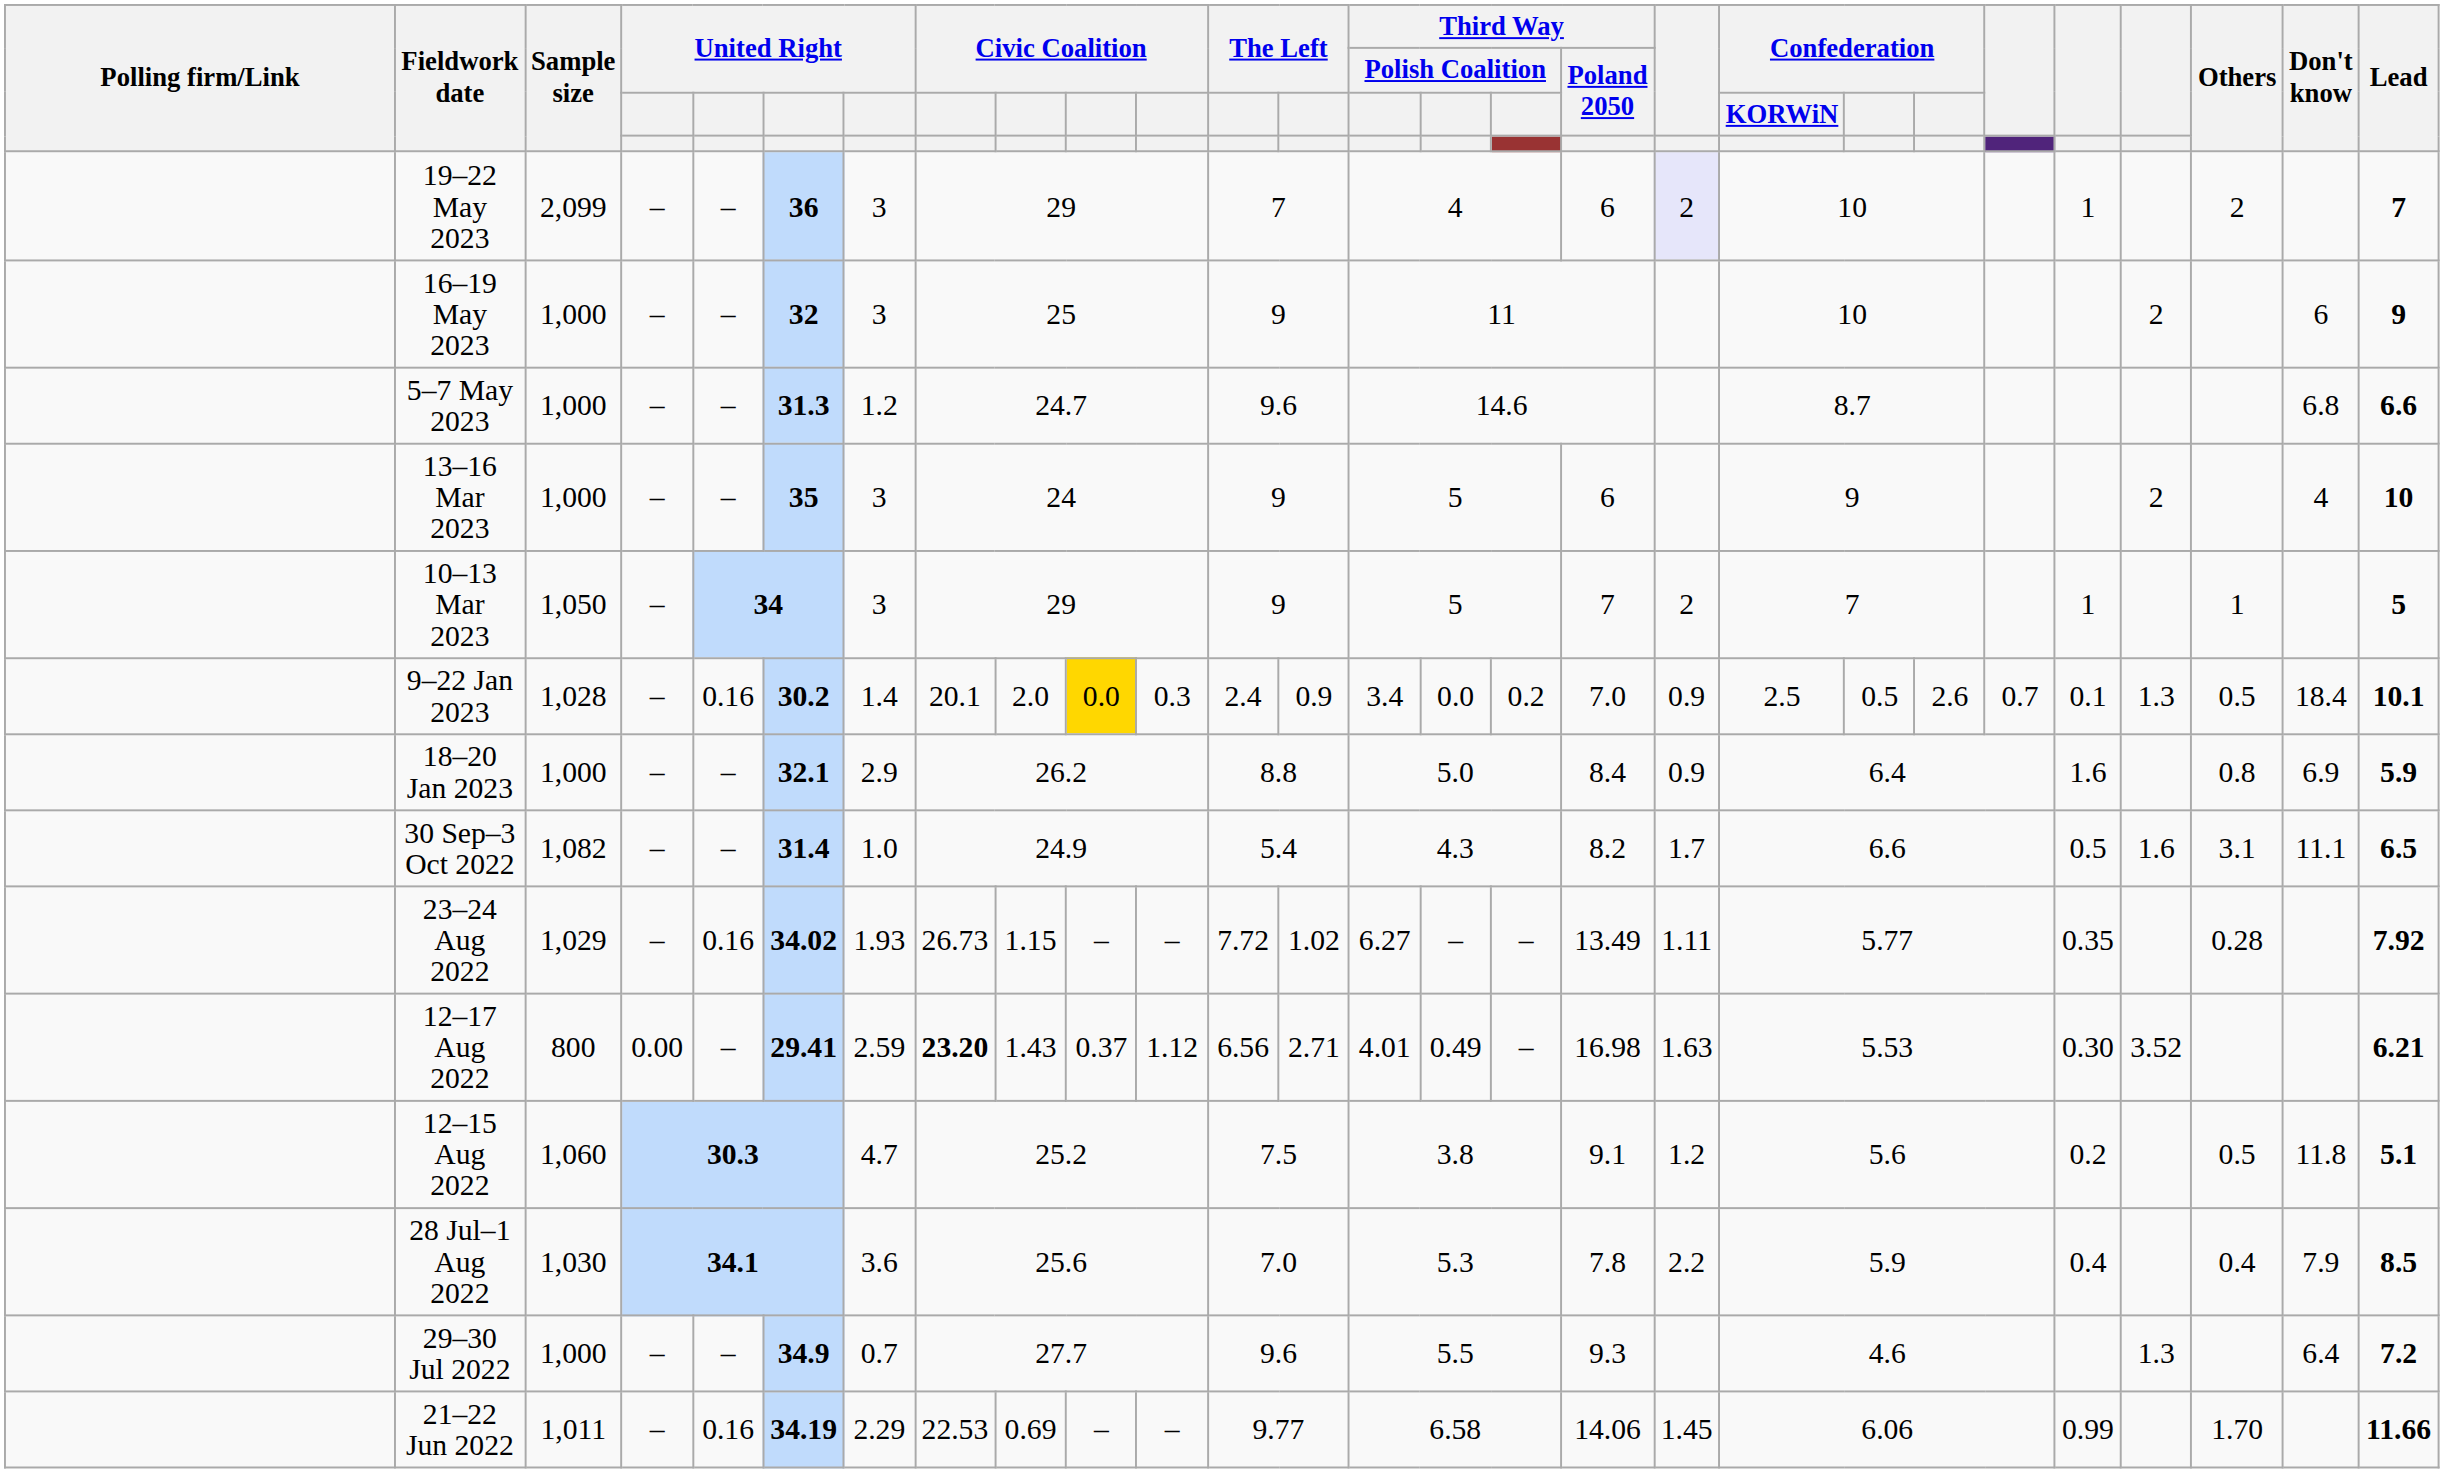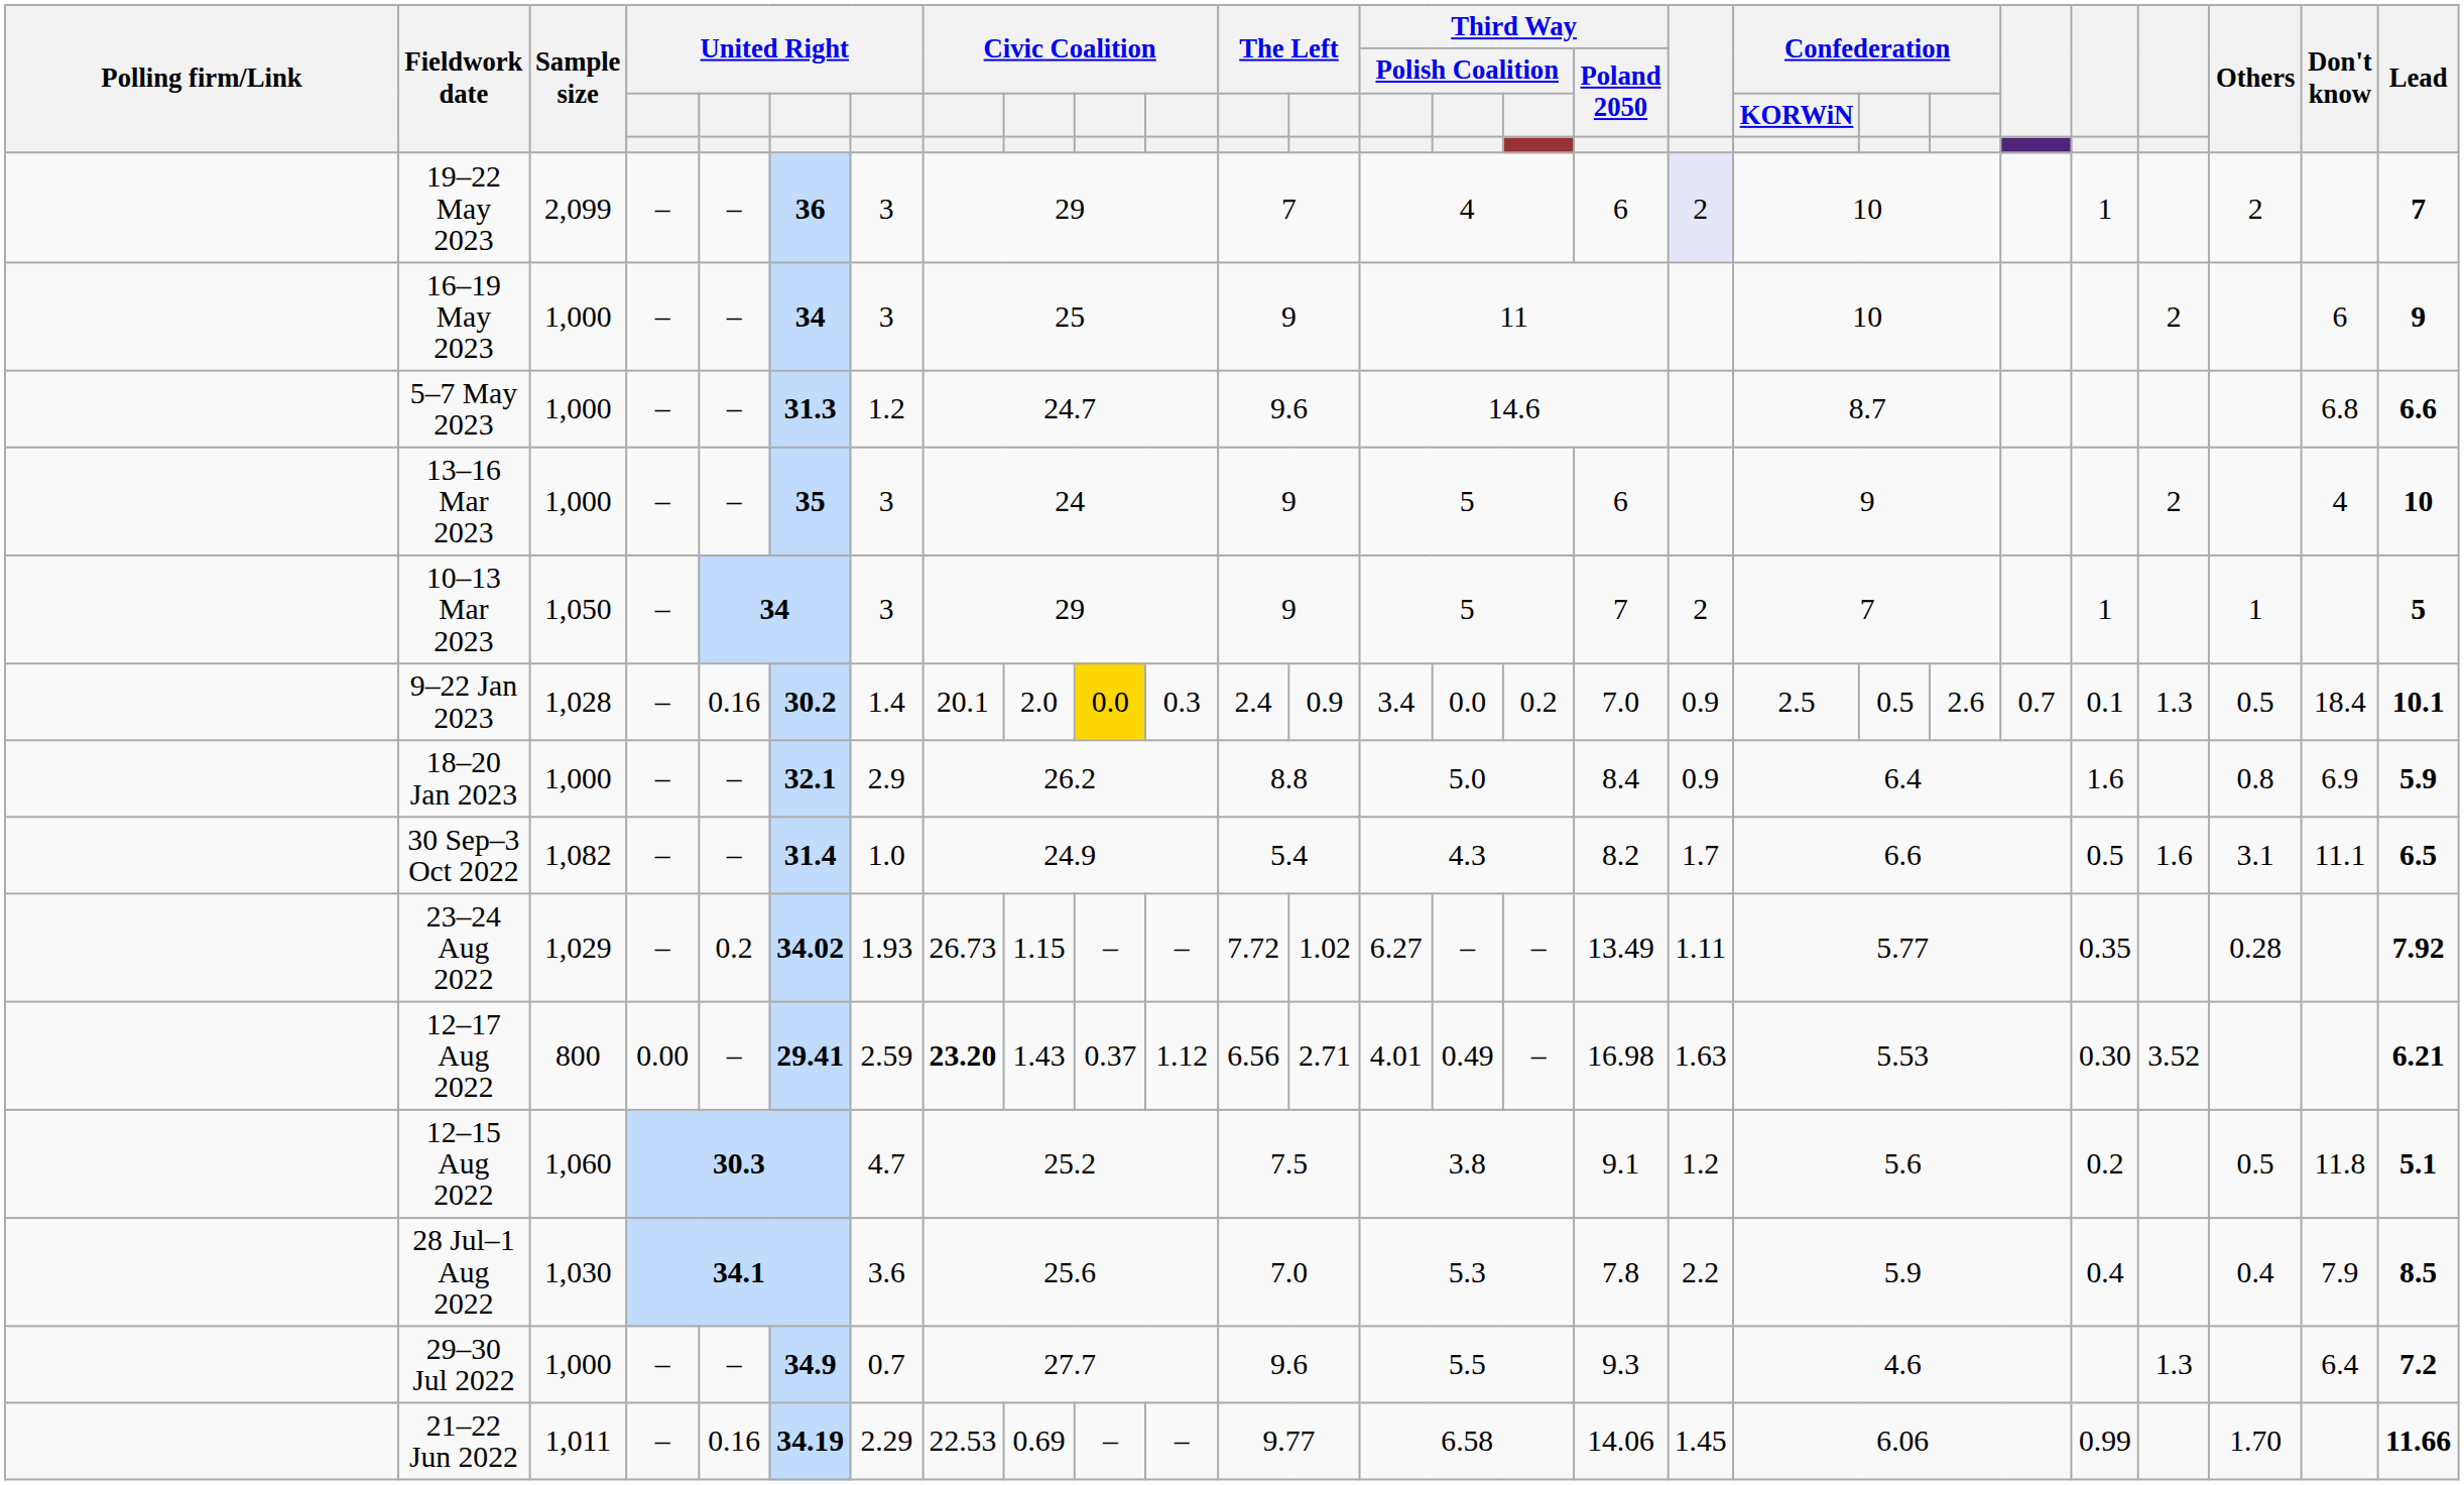 <table class="wikitable sortable collapsible" style="text-align:center; font-size:95%; line-height:16px">
 <tr style="font-weight:bold;font-size:90%;">
 <th rowspan="4" style="width:200px;">Polling firm/Link</th>
 <th rowspan="4" data-sort-type="date">Fieldwork<br>date</th>
 <th rowspan="4" style="width:20px;">Sample<br>size</th>
 <th rowspan="2" colspan="4"><a href='#'>United Right</a></th>
 <th rowspan="2" colspan="4"><a href='#'>Civic Coalition</a></th>
 <th rowspan="2" colspan="2"><a href='#'>The Left</a></th>
 <th colspan="4"><a href='#'>Third Way</a></th>
 <th rowspan="3"><a href='#'></a></th>
 <th rowspan="2" colspan="3" class="unsortable"><a href='#'>Confederation</a></th>
 <th rowspan="3" class="unsortable" style="width:30px;"><a href='#'></a></th>
 <th rowspan="3"><a href='#'></a></th>
 <th rowspan="3" class="unsortable" style="width:30px;"><a href='#'></a></th>
 <th rowspan="4" class="unsortable" data-sort-type="number" style="width:30px;">Others</th>
 <th rowspan="4" class="unsortable" data-sort-type="number" style="width:30px;">Don't know</th>
 <th rowspan="4" class="unsortable" data-sort-type="number" style="width:30px;">Lead</th>
 </tr>
 <tr style="font-size:90%;">
 <th colspan="3"><a href='#'>Polish Coalition</a></th>
 <th rowspan="2" class="unsortable" style="width:30px;"><a href='#'>Poland 2050</a></th>
 </tr>
 <tr style="font-size:90%;">
 <th style="width:30px;" class="unsortable"><a href='#'></a></th>
 <th style="width:30px;" class="unsortable"><a href='#'></a></th>
 <th style="width:30px;" class="unsortable"><a href='#'></a></th>
 <th style="width:30px;" class="unsortable"><a href='#'></a></th>
 <th style="width:30px;" class="unsortable"><a href='#'></a></th>
 <th style="width:30px;" class="unsortable"><a href='#'></a></th>
 <th style="width:30px;" class="unsortable"><a href='#'></a></th>
 <th style="width:30px;" class="unsortable"><a href='#'></a></th>
 <th style="width:30px;" class="unsortable"><a href='#'></a></th>
 <th style="width:30px;" class="unsortable"><a href='#'></a></th>
 <th style="width:30px;" class="unsortable"><a href='#'></a></th>
 <th style="width:30px;" class="unsortable"><a href='#'></a></th>
 <th style="width:30px;" class="unsortable"><a href='#'></a></th>
 <th style="width:30px;" class="unsortable"><a href='#'>KORWiN</a></th>
 <th style="width:30px;" class="unsortable"><a href='#'></a></th>
 <th style="width:30px;" class="unsortable"><a href='#'></a></th>
 </tr>
 <tr>
 <th class="unsortable" data-sort-type="number" style="height:1px; background:"></th>
 <th class="unsortable" data-sort-type="number" style="height:1px; background:"></th>
 <th class="unsortable" data-sort-type="number" style="height:1px; background:"></th>
 <th class="unsortable" data-sort-type="number" style="height:1px; background:"></th>
 <th class="unsortable" data-sort-type="number" style="height:1px; background:"></th>
 <th class="unsortable" data-sort-type="number" style="height:1px; background:"></th>
 <th class="unsortable" data-sort-type="number" style="height:1px; background:"></th>
 <th class="unsortable" data-sort-type="number" style="height:1px; background:"></th>
 <th class="unsortable" data-sort-type="number" style="height:1px; background:"></th>
 <th class="unsortable" data-sort-type="number" style="height:1px; background:"></th>
 <th class="unsortable" data-sort-type="number" style="height:1px; background:"></th>
 <th class="unsortable" data-sort-type="number" style="height:1px; background:"></th>
 <th class="unsortable" data-sort-type="number" style="height:1px; background:#993333;"></th>
 <th class="unsortable" data-sort-type="number" style="height:1px; background:"></th>
 <th class="unsortable" data-sort-type="number" style="height:1px; background:"></th>
 <th class="unsortable" data-sort-type="number" style="height:1px; background:"></th>
 <th class="unsortable" data-sort-type="number" style="height:1px; background:"></th>
 <th class="unsortable" data-sort-type="number" style="height:1px; background:"></th>
 <th class="unsortable" data-sort-type="number" style="height:1px; background:#50247B;"></th>
 <th class="unsortable" data-sort-type="number" style="height:1px; background:"></th>
 <th class="unsortable" data-sort-type="number" style="height:1px; background:"></th>
 </tr>
 <tr>
 <td></td>
 <td data-sort-value="2023-05-22">19–22 May 2023</td>
 <td>2,099</td>
 <td>–</td>
 <td>–</td>
 <td style="background:#C0DBFC"><strong>36</strong></td>
 <td>3</td>
 <td colspan="4">29</td>
 <td colspan="2">7</td>
 <td colspan="3">4</td>
 <td>6</td>
 <td style="background: lavender;">2</td>
 <td colspan="3">10</td>
 <td></td>
 <td>1</td>
 <td></td>
 <td>2</td>
 <td></td>
 <td style="background:"><strong>7</strong></td>
 </tr>
 <tr>
 <td></td>
 <td data-sort-value="2023-05-19">16–19 May 2023</td>
 <td>1,000</td>
 <td>–</td>
 <td>–</td>
-<td style="background:#C0DBFC"><strong>32</strong></td>
+<td style="background:#C0DBFC"><strong>34</strong></td>
 <td>3</td>
 <td colspan="4">25</td>
 <td colspan="2">9</td>
 <td colspan="4">11</td>
 <td></td>
 <td colspan="3">10</td>
 <td></td>
 <td></td>
 <td>2</td>
 <td></td>
 <td>6</td>
 <td style="background:"><strong>9</strong></td>
 </tr>
 <tr>
 <td></td>
 <td data-sort-value="2023-05-07">5–7 May 2023</td>
 <td>1,000</td>
 <td>–</td>
 <td>–</td>
 <td style="background:#C0DBFC"><strong>31.3</strong></td>
 <td>1.2</td>
 <td colspan="4">24.7</td>
 <td colspan="2">9.6</td>
 <td colspan="4">14.6</td>
 <td></td>
 <td colspan="3">8.7</td>
 <td></td>
 <td></td>
 <td></td>
 <td></td>
 <td>6.8</td>
 <td style="background:"><strong>6.6</strong></td>
 </tr>
 <tr>
 <td></td>
 <td data-sort-value="2023-03-16">13–16 Mar 2023</td>
 <td>1,000</td>
 <td>–</td>
 <td>–</td>
 <td style="background:#C0DBFC"><strong>35</strong></td>
 <td>3</td>
 <td colspan="4">24</td>
 <td colspan="2">9</td>
 <td colspan="3">5</td>
 <td>6</td>
 <td></td>
 <td colspan="3">9</td>
 <td></td>
 <td></td>
 <td>2</td>
 <td></td>
 <td>4</td>
 <td style="background:"><strong>10</strong></td>
 </tr>
 <tr>
 <td></td>
 <td data-sort-value="2023-03-13">10–13 Mar 2023</td>
 <td>1,050</td>
 <td>–</td>
 <td colspan="2" style="background:#C0DBFC"><strong>34</strong></td>
 <td>3</td>
 <td colspan="4">29</td>
 <td colspan="2">9</td>
 <td colspan="3">5</td>
 <td>7</td>
 <td>2</td>
 <td colspan="3">7</td>
 <td></td>
 <td>1</td>
 <td></td>
 <td>1</td>
 <td></td>
 <td style="background:"><strong>5</strong></td>
 </tr>
 <tr>
 <td></td>
 <td data-sort-value="2023-01-22">9–22 Jan 2023</td>
 <td>1,028</td>
 <td>–</td>
 <td>0.16</td>
 <td style="background:#C0DBFC"><strong>30.2</strong></td>
 <td>1.4</td>
 <td>20.1</td>
 <td>2.0</td>
 <td style="background: gold;">0.0</td>
 <td>0.3</td>
 <td>2.4</td>
 <td>0.9</td>
 <td>3.4</td>
 <td>0.0</td>
 <td>0.2</td>
 <td>7.0</td>
 <td>0.9</td>
 <td>2.5</td>
 <td>0.5</td>
 <td>2.6</td>
 <td>0.7</td>
 <td>0.1</td>
 <td>1.3</td>
 <td>0.5</td>
 <td>18.4</td>
 <td style="background:"><strong>10.1</strong></td>
 </tr>
 <tr>
 <td></td>
 <td data-sort-value="2023-01-20">18–20 Jan 2023</td>
 <td>1,000</td>
 <td>–</td>
 <td>–</td>
 <td style="background:#C0DBFC"><strong>32.1</strong></td>
 <td>2.9</td>
 <td colspan="4">26.2</td>
 <td colspan="2">8.8</td>
 <td colspan="3">5.0</td>
 <td>8.4</td>
 <td>0.9</td>
 <td colspan="4">6.4</td>
 <td>1.6</td>
 <td></td>
 <td>0.8</td>
 <td>6.9</td>
 <td style="background:"><strong>5.9</strong></td>
 </tr>
 <tr>
 <td></td>
 <td data-sort-value="2022-10-03">30 Sep–3 Oct 2022</td>
 <td>1,082</td>
 <td>–</td>
 <td>–</td>
 <td style="background:#C0DBFC"><strong>31.4</strong></td>
 <td>1.0</td>
 <td colspan="4">24.9</td>
 <td colspan="2">5.4</td>
 <td colspan="3">4.3</td>
 <td>8.2</td>
 <td>1.7</td>
 <td colspan="4">6.6</td>
 <td>0.5</td>
 <td>1.6</td>
 <td>3.1</td>
 <td>11.1</td>
 <td style="background:"><strong>6.5</strong></td>
 </tr>
 <tr>
 <td></td>
 <td data-sort-value="2022-08-24">23–24 Aug 2022</td>
 <td>1,029</td>
 <td>–</td>
-<td>0.16</td>
+<td>0.2</td>
 <td style="background:#C0DBFC"><strong>34.02</strong></td>
 <td>1.93</td>
 <td>26.73</td>
 <td>1.15</td>
 <td>–</td>
 <td>–</td>
 <td>7.72</td>
 <td>1.02</td>
 <td>6.27</td>
 <td>–</td>
 <td>–</td>
 <td>13.49</td>
 <td>1.11</td>
 <td colspan="4">5.77</td>
 <td>0.35</td>
 <td></td>
 <td>0.28</td>
 <td></td>
 <td style="background:"><strong>7.92</strong></td>
 </tr>
 <tr>
 <td></td>
 <td data-sort-value="2022-08-15">12–17 Aug 2022</td>
 <td>800</td>
 <td>0.00</td>
 <td>–</td>
 <td style="background:#C0DBFC"><strong>29.41</strong></td>
 <td>2.59</td>
 <td><strong>23.20</strong></td>
 <td>1.43</td>
 <td>0.37</td>
 <td>1.12</td>
 <td>6.56</td>
 <td>2.71</td>
 <td>4.01</td>
 <td>0.49</td>
 <td>–</td>
 <td>16.98</td>
 <td>1.63</td>
 <td colspan="4">5.53</td>
 <td>0.30</td>
 <td>3.52</td>
 <td></td>
 <td></td>
 <td style="background:"><strong>6.21</strong></td>
 </tr>
 <tr>
 <td></td>
 <td data-sort-value="2022-08-15">12–15 Aug 2022</td>
 <td>1,060</td>
 <td colspan="3" style="background:#C0DBFC"><strong>30.3</strong></td>
 <td>4.7</td>
 <td colspan="4">25.2</td>
 <td colspan="2">7.5</td>
 <td colspan="3">3.8</td>
 <td>9.1</td>
 <td>1.2</td>
 <td colspan="4">5.6</td>
 <td>0.2</td>
 <td></td>
 <td>0.5</td>
 <td>11.8</td>
 <td style="background:"><strong>5.1</strong></td>
 </tr>
 <tr>
 <td></td>
 <td data-sort-value="2022-08-01">28 Jul–1 Aug 2022</td>
 <td>1,030</td>
 <td colspan="3" style="background:#C0DBFC"><strong>34.1</strong></td>
 <td>3.6</td>
 <td colspan="4">25.6</td>
 <td colspan="2">7.0</td>
 <td colspan="3">5.3</td>
 <td>7.8</td>
 <td>2.2</td>
 <td colspan="4">5.9</td>
 <td>0.4</td>
 <td></td>
 <td>0.4</td>
 <td>7.9</td>
 <td style="background:"><strong>8.5</strong></td>
 </tr>
 <tr>
 <td></td>
 <td data-sort-value="2022-07-30">29–30 Jul 2022</td>
 <td>1,000</td>
 <td>–</td>
 <td>–</td>
 <td style="background:#C0DBFC"><strong>34.9</strong></td>
 <td>0.7</td>
 <td colspan="4">27.7</td>
 <td colspan="2">9.6</td>
 <td colspan="3">5.5</td>
 <td>9.3</td>
 <td></td>
 <td colspan="4">4.6</td>
 <td></td>
 <td>1.3</td>
 <td></td>
 <td>6.4</td>
 <td style="background:"><strong>7.2</strong></td>
 </tr>
 <tr>
 <td></td>
 <td data-sort-value="2022-06-22">21–22 Jun 2022</td>
 <td>1,011</td>
 <td>–</td>
 <td>0.16</td>
 <td style="background:#C0DBFC"><strong>34.19</strong></td>
 <td>2.29</td>
 <td>22.53</td>
 <td>0.69</td>
 <td>–</td>
 <td>–</td>
 <td colspan="2">9.77</td>
 <td colspan="3">6.58</td>
 <td>14.06</td>
 <td>1.45</td>
 <td colspan="4">6.06</td>
 <td>0.99</td>
 <td></td>
 <td>1.70</td>
 <td></td>
 <td style="background:"><strong>11.66</strong></td>
 </tr>
 </table>
